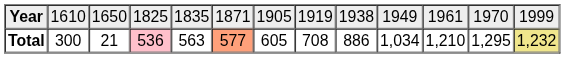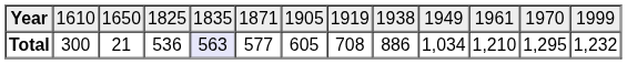 <table border="1" cellpadding="2" cellspacing="0" width="500">
 <tr bgcolor="#eeeeee" align="center">
 <td><strong>Year</strong></td>
 <td>1610</td>
 <td>1650</td>
 <td>1825</td>
 <td>1835</td>
 <td>1871</td>
 <td>1905</td>
 <td>1919</td>
 <td>1938</td>
 <td>1949</td>
 <td>1961</td>
 <td>1970</td>
 <td>1999</td>
 </tr>
 <tr align="center">
 <td><strong>Total</strong></td>
 <td>300</td>
 <td>21</td>
-<td style="background: pink;">536</td>
-<td>563</td>
-<td style="background: lightsalmon;">577</td>
+<td>536</td>
+<td style="background: lavender;">563</td>
+<td>577</td>
 <td>605</td>
 <td>708</td>
 <td>886</td>
 <td>1,034</td>
 <td>1,210</td>
 <td>1,295</td>
-<td style="background: khaki;">1,232</td>
+<td>1,232</td>
 </tr>
 </table>
